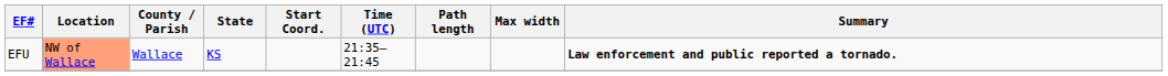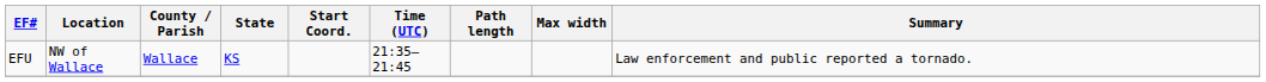 <table class="wikitable sortable" style="width:100%;">
 <tr>
 <th scope="col"  style="width:3%; text-align:center;"><a href='#'>EF#</a></th>
 <th scope="col"  style="width:7%; text-align:center;" class="unsortable">Location</th>
 <th scope="col"  style="width:6%; text-align:center;" class="unsortable">County / Parish</th>
 <th scope="col"  style="width:5%; text-align:center;">State</th>
 <th scope="col"  style="width:6%; text-align:center;">Start Coord.</th>
 <th scope="col"  style="width:6%; text-align:center;">Time (<a href='#'>UTC</a>)</th>
 <th scope="col"  style="width:6%; text-align:center;">Path length</th>
 <th scope="col"  style="width:6%; text-align:center;">Max width</th>
 <th scope="col" class="unsortable" style="width:48%; text-align:center;">Summary</th>
 </tr>
 <tr>
 <td>EFU</td>
-<td style="background: lightsalmon;">NW of <a href='#'>Wallace</a></td>
+<td>NW of <a href='#'>Wallace</a></td>
 <td><a href='#'>Wallace</a></td>
 <td><a href='#'>KS</a></td>
 <td></td>
 <td>21:35–21:45</td>
 <td></td>
 <td></td>
-<td><strong>Law enforcement and public reported a tornado.</strong></td>
+<td>Law enforcement and public reported a tornado.</td>
 </tr>
 <tr>
 </tr>
 </table>
